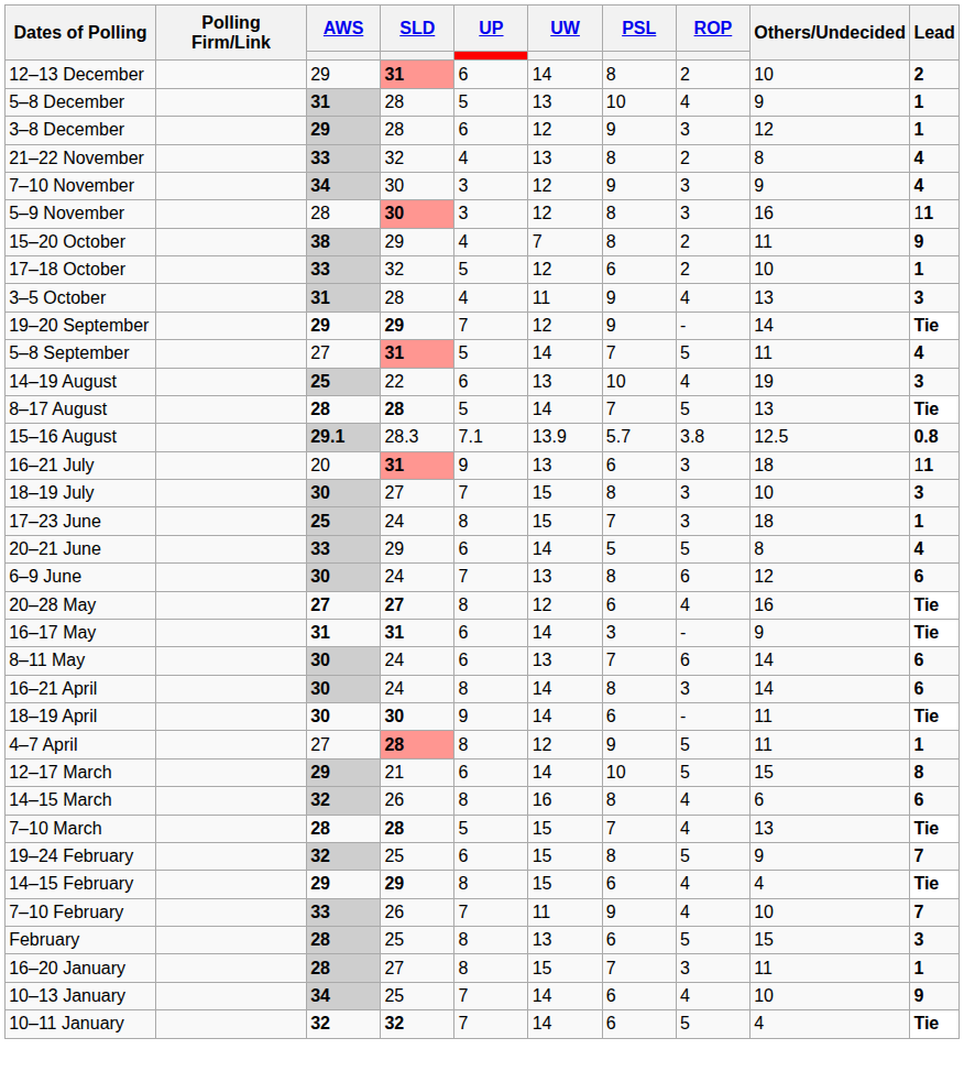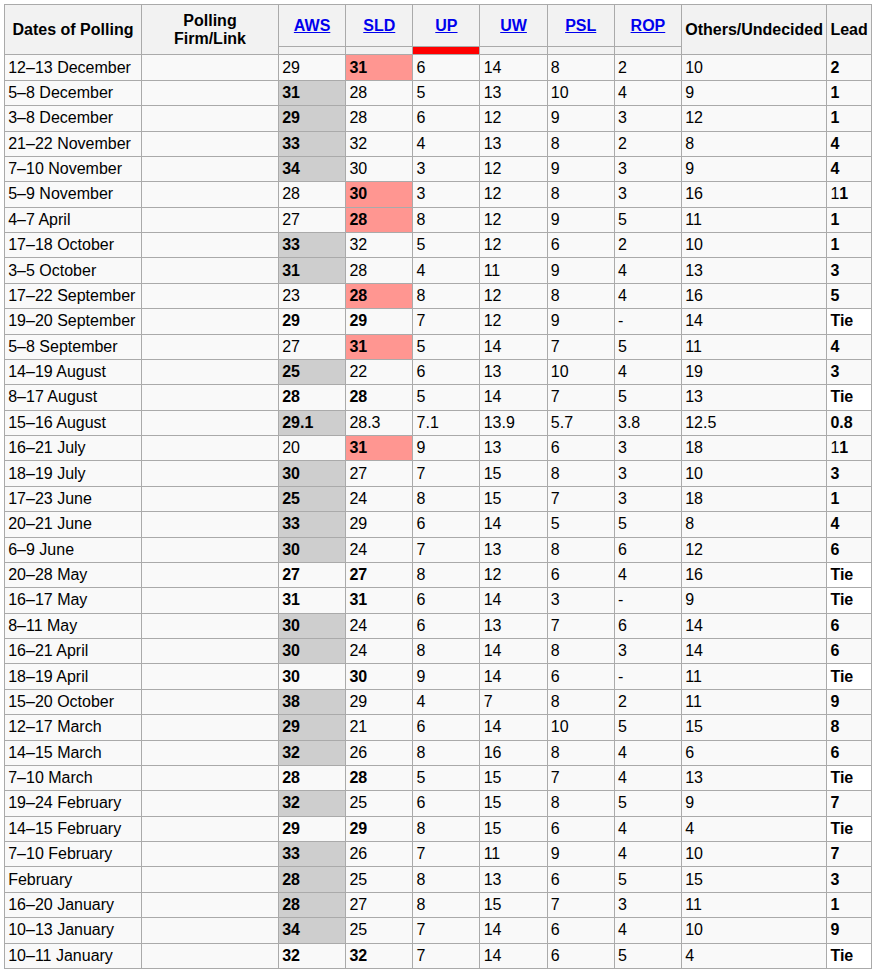 <table class="wikitable sortable collapsible">
 <tr style="height:42px; text-align:center; background-color:#E9E9E9">
 <th rowspan="2" data-sort-type="date" style="width:130px;">Dates of Polling</th>
 <th rowspan="2" style="width:130px;">Polling Firm/Link</th>
 <th style="width:60px;" class="unsortable"><a href='#'><span>AWS</span></a></th>
 <th style="width:60px;" class="unsortable"><a href='#'><span>SLD</span></a></th>
 <th style="width:60px;" class="unsortable"><a href='#'><span>UP</span></a></th>
 <th style="width:60px;" class="unsortable"><a href='#'><span>UW</span></a></th>
 <th style="width:60px;" class="unsortable"><a href='#'><span>PSL</span></a></th>
 <th style="width:60px;" class="unsortable"><a href='#'><span>ROP</span></a></th>
 <th rowspan="2" data-sort-type="number" style="width:40px;">Others/Undecided</th>
 <th rowspan="2" data-sort-type="number" style="width:30px;">Lead</th>
 </tr>
 <tr>
 <th data-sort-type="number" style="height:1px; background:"></th>
 <th data-sort-type="number" style="height:1px; background:"></th>
 <th data-sort-type="number" style="height:1px; background:Red;"></th>
 <th data-sort-type="number" style="height:1px; background:"></th>
 <th data-sort-type="number" style="height:1px; background:"></th>
 <th data-sort-type="number" style="height:1px; background:"></th>
 </tr>
 <tr>
 <td>12–13 December</td>
 <td></td>
 <td>29</td>
 <td style="background:#FF9691"><strong>31</strong></td>
 <td>6</td>
 <td>14</td>
 <td>8</td>
 <td>2</td>
 <td>10</td>
 <td style="background:"><strong>2</strong></td>
 </tr>
 <tr>
 <td>5–8 December</td>
 <td></td>
 <td style="background:#CECECE"><strong>31</strong></td>
 <td>28</td>
 <td>5</td>
 <td>13</td>
 <td>10</td>
 <td>4</td>
 <td>9</td>
 <td style="background:"><strong>1</strong></td>
 </tr>
 <tr>
 <td>3–8 December</td>
 <td></td>
 <td style="background:#CECECE"><strong>29</strong></td>
 <td>28</td>
 <td>6</td>
 <td>12</td>
 <td>9</td>
 <td>3</td>
 <td>12</td>
 <td style="background:"><strong>1</strong></td>
 </tr>
 <tr>
 <td>21–22 November</td>
 <td></td>
 <td style="background:#CECECE"><strong>33</strong></td>
 <td>32</td>
 <td>4</td>
 <td>13</td>
 <td>8</td>
 <td>2</td>
 <td>8</td>
 <td style="background:"><strong>4</strong></td>
 </tr>
 <tr>
 <td>7–10 November</td>
 <td></td>
 <td style="background:#CECECE"><strong>34</strong></td>
 <td>30</td>
 <td>3</td>
 <td>12</td>
 <td>9</td>
 <td>3</td>
 <td>9</td>
 <td style="background:"><strong>4</strong></td>
 </tr>
 <tr>
 <td>5–9 November</td>
 <td></td>
 <td>28</td>
 <td style="background:#FF9691"><strong>30</strong></td>
 <td>3</td>
 <td>12</td>
 <td>8</td>
 <td>3</td>
 <td>16</td>
 <td style="background:">1<strong>1</strong></td>
 </tr>
 <tr>
-<td>15–20 October</td>
+<td>4–7 April</td>
 <td></td>
-<td style="background:#CECECE"><strong>38</strong></td>
-<td>29</td>
-<td>4</td>
-<td>7</td>
+<td>27</td>
+<td style="background:#FF9691"><strong>28</strong></td>
 <td>8</td>
-<td>2</td>
+<td>12</td>
+<td>9</td>
+<td>5</td>
 <td>11</td>
-<td style="background:"><strong>9</strong></td>
+<td style="background:"><strong>1</strong></td>
 </tr>
 <tr>
 <td>17–18 October</td>
 <td></td>
 <td style="background:#CECECE"><strong>33</strong></td>
 <td>32</td>
 <td>5</td>
 <td>12</td>
 <td>6</td>
 <td>2</td>
 <td>10</td>
 <td style="background:"><strong>1</strong></td>
 </tr>
 <tr>
 <td>3–5 October</td>
 <td></td>
 <td style="background:#CECECE"><strong>31</strong></td>
 <td>28</td>
 <td>4</td>
 <td>11</td>
 <td>9</td>
 <td>4</td>
 <td>13</td>
 <td style="background:"><strong>3</strong></td>
+</tr>
+<tr>
+<td>17–22 September</td>
+<td></td>
+<td>23</td>
+<td style="background:#FF9691"><strong>28</strong></td>
+<td>8</td>
+<td>12</td>
+<td>8</td>
+<td>4</td>
+<td>16</td>
+<td style="background:"><strong>5</strong></td>
 </tr>
 <tr>
 <td>19–20 September</td>
 <td></td>
 <td><strong>29</strong></td>
 <td><strong>29</strong></td>
 <td>7</td>
 <td>12</td>
 <td>9</td>
 <td>-</td>
 <td>14</td>
 <td style="background:white; color:black;"><strong>Tie</strong></td>
 </tr>
 <tr>
 <td>5–8 September</td>
 <td></td>
 <td>27</td>
 <td style="background:#FF9691"><strong>31</strong></td>
 <td>5</td>
 <td>14</td>
 <td>7</td>
 <td>5</td>
 <td>11</td>
 <td style="background:"><strong>4</strong></td>
 </tr>
 <tr>
 <td>14–19 August</td>
 <td></td>
 <td style="background:#CECECE"><strong>25</strong></td>
 <td>22</td>
 <td>6</td>
 <td>13</td>
 <td>10</td>
 <td>4</td>
 <td>19</td>
 <td style="background:"><strong>3</strong></td>
 </tr>
 <tr>
 <td>8–17 August</td>
 <td></td>
 <td><strong>28</strong></td>
 <td><strong>28</strong></td>
 <td>5</td>
 <td>14</td>
 <td>7</td>
 <td>5</td>
 <td>13</td>
 <td style="background:white; color:black;"><strong>Tie</strong></td>
 </tr>
 <tr>
 <td>15–16 August</td>
 <td></td>
 <td style="background:#CECECE"><strong>29.1</strong></td>
 <td>28.3</td>
 <td>7.1</td>
 <td>13.9</td>
 <td>5.7</td>
 <td>3.8</td>
 <td>12.5</td>
 <td style="background:"><strong>0.8</strong></td>
 </tr>
 <tr>
 <td>16–21 July</td>
 <td></td>
 <td>20</td>
 <td style="background:#FF9691"><strong>31</strong></td>
 <td>9</td>
 <td>13</td>
 <td>6</td>
 <td>3</td>
 <td>18</td>
 <td style="background:">1<strong>1</strong></td>
 </tr>
 <tr>
 <td>18–19 July</td>
 <td></td>
 <td style="background:#CECECE"><strong>30</strong></td>
 <td>27</td>
 <td>7</td>
 <td>15</td>
 <td>8</td>
 <td>3</td>
 <td>10</td>
 <td style="background:"><strong>3</strong></td>
 </tr>
 <tr>
 <td>17–23 June</td>
 <td></td>
 <td style="background:#CECECE"><strong>25</strong></td>
 <td>24</td>
 <td>8</td>
 <td>15</td>
 <td>7</td>
 <td>3</td>
 <td>18</td>
 <td style="background:"><strong>1</strong></td>
 </tr>
 <tr>
 <td>20–21 June</td>
 <td></td>
 <td style="background:#CECECE"><strong>33</strong></td>
 <td>29</td>
 <td>6</td>
 <td>14</td>
 <td>5</td>
 <td>5</td>
 <td>8</td>
 <td style="background:"><strong>4</strong></td>
 </tr>
 <tr>
 <td>6–9 June</td>
 <td></td>
 <td style="background:#CECECE"><strong>30</strong></td>
 <td>24</td>
 <td>7</td>
 <td>13</td>
 <td>8</td>
 <td>6</td>
 <td>12</td>
 <td style="background:"><strong>6</strong></td>
 </tr>
 <tr>
 <td>20–28 May</td>
 <td></td>
 <td><strong>27</strong></td>
 <td><strong>27</strong></td>
 <td>8</td>
 <td>12</td>
 <td>6</td>
 <td>4</td>
 <td>16</td>
 <td style="background:white; color:black;"><strong>Tie</strong></td>
 </tr>
 <tr>
 <td>16–17 May</td>
 <td></td>
 <td><strong>31</strong></td>
 <td><strong>31</strong></td>
 <td>6</td>
 <td>14</td>
 <td>3</td>
 <td>-</td>
 <td>9</td>
 <td style="background:white; color:black;"><strong>Tie</strong></td>
 </tr>
 <tr>
 <td>8–11 May</td>
 <td></td>
 <td style="background:#CECECE"><strong>30</strong></td>
 <td>24</td>
 <td>6</td>
 <td>13</td>
 <td>7</td>
 <td>6</td>
 <td>14</td>
 <td style="background:"><strong>6</strong></td>
 </tr>
 <tr>
 <td>16–21 April</td>
 <td></td>
 <td style="background:#CECECE"><strong>30</strong></td>
 <td>24</td>
 <td>8</td>
 <td>14</td>
 <td>8</td>
 <td>3</td>
 <td>14</td>
 <td style="background:"><strong>6</strong></td>
 </tr>
 <tr>
 <td>18–19 April</td>
 <td></td>
 <td><strong>30</strong></td>
 <td><strong>30</strong></td>
 <td>9</td>
 <td>14</td>
 <td>6</td>
 <td>-</td>
 <td>11</td>
 <td style="background:white; color:black;"><strong>Tie</strong></td>
 </tr>
 <tr>
-<td>4–7 April</td>
+<td>15–20 October</td>
 <td></td>
-<td>27</td>
-<td style="background:#FF9691"><strong>28</strong></td>
+<td style="background:#CECECE"><strong>38</strong></td>
+<td>29</td>
+<td>4</td>
+<td>7</td>
 <td>8</td>
-<td>12</td>
-<td>9</td>
-<td>5</td>
+<td>2</td>
 <td>11</td>
-<td style="background:"><strong>1</strong></td>
+<td style="background:"><strong>9</strong></td>
 </tr>
 <tr>
 <td>12–17 March</td>
 <td></td>
 <td style="background:#CECECE"><strong>29</strong></td>
 <td>21</td>
 <td>6</td>
 <td>14</td>
 <td>10</td>
 <td>5</td>
 <td>15</td>
 <td style="background:"><strong>8</strong></td>
 </tr>
 <tr>
 <td>14–15 March</td>
 <td></td>
 <td style="background:#CECECE"><strong>32</strong></td>
 <td>26</td>
 <td>8</td>
 <td>16</td>
 <td>8</td>
 <td>4</td>
 <td>6</td>
 <td style="background:"><strong>6</strong></td>
 </tr>
 <tr>
 <td>7–10 March</td>
 <td></td>
 <td><strong>28</strong></td>
 <td><strong>28</strong></td>
 <td>5</td>
 <td>15</td>
 <td>7</td>
 <td>4</td>
 <td>13</td>
 <td style="background:white; color:black;"><strong>Tie</strong></td>
 </tr>
 <tr>
 <td>19–24 February</td>
 <td></td>
 <td style="background:#CECECE"><strong>32</strong></td>
 <td>25</td>
 <td>6</td>
 <td>15</td>
 <td>8</td>
 <td>5</td>
 <td>9</td>
 <td style="background:"><strong>7</strong></td>
 </tr>
 <tr>
 <td>14–15 February</td>
 <td></td>
 <td><strong>29</strong></td>
 <td><strong>29</strong></td>
 <td>8</td>
 <td>15</td>
 <td>6</td>
 <td>4</td>
 <td>4</td>
 <td style="background:white; color:black;"><strong>Tie</strong></td>
 </tr>
 <tr>
 <td>7–10 February</td>
 <td></td>
 <td style="background:#CECECE"><strong>33</strong></td>
 <td>26</td>
 <td>7</td>
 <td>11</td>
 <td>9</td>
 <td>4</td>
 <td>10</td>
 <td style="background:"><strong>7</strong></td>
 </tr>
 <tr>
 <td>February</td>
 <td></td>
 <td style="background:#CECECE"><strong>28</strong></td>
 <td>25</td>
 <td>8</td>
 <td>13</td>
 <td>6</td>
 <td>5</td>
 <td>15</td>
 <td style="background:"><strong>3</strong></td>
 </tr>
 <tr>
 <td>16–20 January</td>
 <td></td>
 <td style="background:#CECECE"><strong>28</strong></td>
 <td>27</td>
 <td>8</td>
 <td>15</td>
 <td>7</td>
 <td>3</td>
 <td>11</td>
 <td style="background:"><strong>1</strong></td>
 </tr>
 <tr>
 <td>10–13 January</td>
 <td></td>
 <td style="background:#CECECE"><strong>34</strong></td>
 <td>25</td>
 <td>7</td>
 <td>14</td>
 <td>6</td>
 <td>4</td>
 <td>10</td>
 <td style="background:"><strong>9</strong></td>
 </tr>
 <tr>
 <td>10–11 January</td>
 <td></td>
 <td><strong>32</strong></td>
 <td><strong>32</strong></td>
 <td>7</td>
 <td>14</td>
 <td>6</td>
 <td>5</td>
 <td>4</td>
 <td style="background:white; color:black;"><strong>Tie</strong></td>
 </tr>
 <tr>
 </tr>
 </table>
